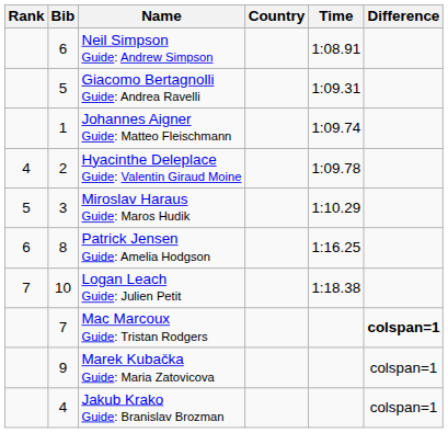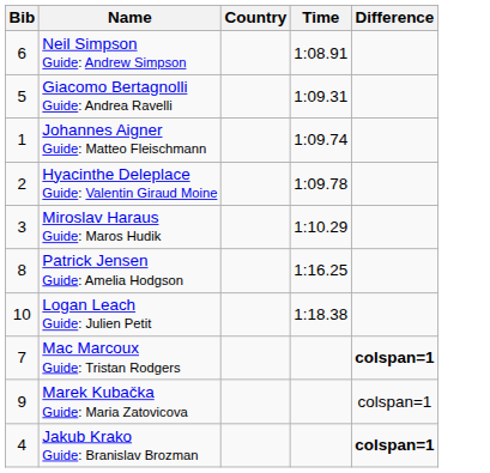 <table class="wikitable sortable" style="text-align:center">
 <tr>
-<th>Rank</th>
 <th>Bib</th>
 <th>Name</th>
 <th>Country</th>
 <th>Time</th>
 <th>Difference</th>
 </tr>
 <tr>
-<td></td>
 <td>6</td>
 <td align="left"><a href='#'>Neil Simpson</a><br><small><a href='#'>Guide</a>: <a href='#'>Andrew Simpson</a></small></td>
 <td align="left"></td>
 <td>1:08.91</td>
 <td></td>
 </tr>
 <tr>
-<td></td>
 <td>5</td>
 <td align="left"><a href='#'>Giacomo Bertagnolli</a><br><small><a href='#'>Guide</a>: Andrea Ravelli </small></td>
 <td align="left"></td>
 <td>1:09.31</td>
 <td></td>
 </tr>
 <tr>
-<td></td>
 <td>1</td>
 <td align="left"><a href='#'>Johannes Aigner</a><br><small><a href='#'>Guide</a>: Matteo Fleischmann </small></td>
 <td align="left"></td>
 <td>1:09.74</td>
 <td></td>
 </tr>
 <tr>
-<td>4</td>
 <td>2</td>
 <td align="left"><a href='#'>Hyacinthe Deleplace</a><br><small><a href='#'>Guide</a>: <a href='#'>Valentin Giraud Moine</a> </small></td>
 <td align="left"></td>
 <td>1:09.78</td>
 <td></td>
 </tr>
 <tr>
-<td>5</td>
 <td>3</td>
 <td align="left"><a href='#'>Miroslav Haraus</a><br><small><a href='#'>Guide</a>: Maros Hudik</small></td>
 <td align="left"></td>
 <td>1:10.29</td>
 <td></td>
 </tr>
 <tr>
-<td>6</td>
 <td>8</td>
 <td align="left"><a href='#'>Patrick Jensen</a><br><small><a href='#'>Guide</a>: Amelia Hodgson </small></td>
 <td align="left"></td>
 <td>1:16.25</td>
 <td></td>
 </tr>
 <tr>
-<td>7</td>
 <td>10</td>
 <td align="left"><a href='#'>Logan Leach</a><br><small><a href='#'>Guide</a>: Julien Petit</small></td>
 <td align="left"></td>
 <td>1:18.38</td>
 <td></td>
 </tr>
 <tr>
-<td></td>
 <td>7</td>
 <td align="left"><a href='#'>Mac Marcoux</a><br><small><a href='#'>Guide</a>: Tristan Rodgers</small></td>
 <td align="left"></td>
 <td></td>
 <td><strong>colspan=1 </strong></td>
 </tr>
 <tr>
-<td></td>
 <td>9</td>
 <td align="left"><a href='#'>Marek Kubačka</a><br><small><a href='#'>Guide</a>: Maria Zatovicova</small></td>
 <td align="left"></td>
 <td></td>
 <td>colspan=1 </td>
 </tr>
 <tr>
-<td></td>
 <td>4</td>
 <td align="left"><a href='#'>Jakub Krako</a><br><small><a href='#'>Guide</a>: Branislav Brozman</small></td>
 <td align="left"></td>
 <td></td>
-<td>colspan=1 </td>
+<td><strong>colspan=1 </strong></td>
 </tr>
 </table>
